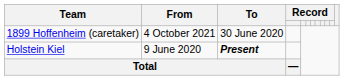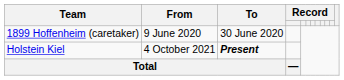 <table class="wikitable" style="text-align: center">
 <tr>
 <th rowspan="2">Team</th>
 <th rowspan="2">From</th>
 <th rowspan="2">To</th>
 <th colspan="8">Record</th>
 <th rowspan=2></th>
 </tr>
 <tr>
 <th></th>
 <th></th>
 <th></th>
 <th></th>
 <th></th>
 <th></th>
 <th></th>
 <th></th>
 </tr>
 <tr>
 <td align=left><a href='#'>1899 Hoffenheim</a> (caretaker)</td>
-<td align=left>4 October 2021</td>
+<td align=left>9 June 2020</td>
 <td align=left>30 June 2020<br></td>
 <td></td>
 </tr>
 <tr>
 <td align=left><a href='#'>Holstein Kiel</a></td>
-<td align=left>9 June 2020</td>
+<td align=left>4 October 2021</td>
 <td align=left><strong><em>Present</em><br></strong></td>
 <td></td>
 </tr>
 <tr>
 <th colspan="3">Total<br></th>
 <th>—</th>
 </tr>
 </table>
